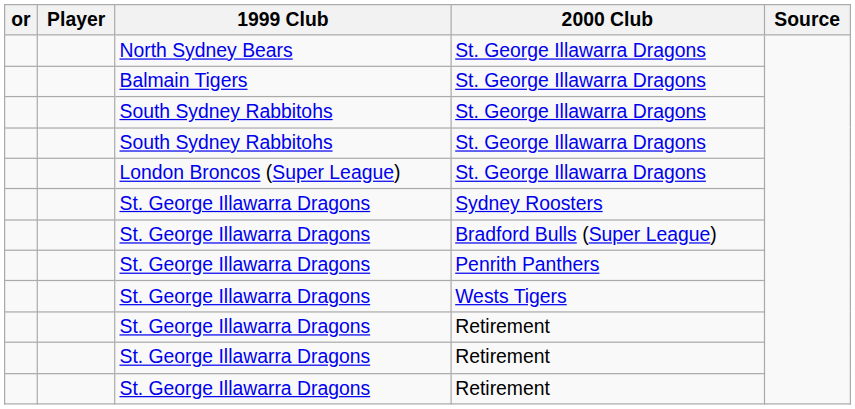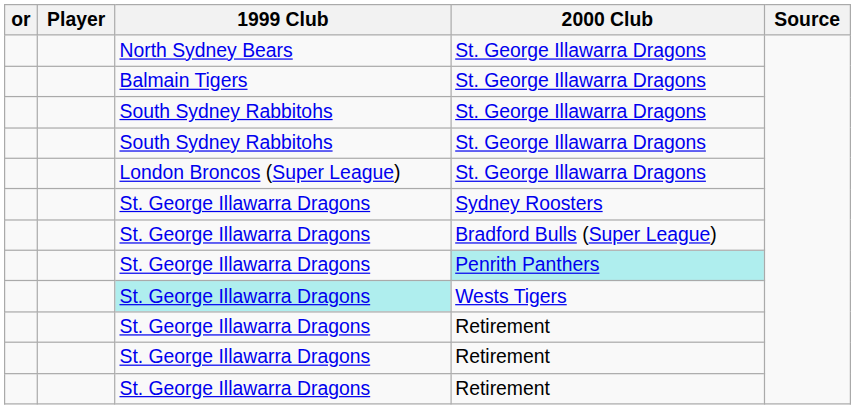 <table class="wikitable sortable" style="width:700px;">
 <tr>
 <th> or </th>
 <th>Player</th>
 <th>1999 Club</th>
 <th>2000 Club</th>
 <th>Source</th>
 </tr>
 <tr>
 <td></td>
 <td></td>
 <td> <a href='#'>North Sydney Bears</a></td>
 <td> <a href='#'>St. George Illawarra Dragons</a></td>
 <td rowspan="12"></td>
 </tr>
 <tr>
 <td></td>
 <td></td>
 <td> <a href='#'>Balmain Tigers</a></td>
 <td> <a href='#'>St. George Illawarra Dragons</a></td>
 </tr>
 <tr>
 <td></td>
 <td></td>
 <td> <a href='#'>South Sydney Rabbitohs</a></td>
 <td> <a href='#'>St. George Illawarra Dragons</a></td>
 </tr>
 <tr>
 <td></td>
 <td></td>
 <td> <a href='#'>South Sydney Rabbitohs</a></td>
 <td> <a href='#'>St. George Illawarra Dragons</a></td>
 </tr>
 <tr>
 <td></td>
 <td></td>
 <td> <a href='#'>London Broncos</a> (<a href='#'>Super League</a>)</td>
 <td> <a href='#'>St. George Illawarra Dragons</a></td>
 </tr>
 <tr>
 <td></td>
 <td></td>
 <td> <a href='#'>St. George Illawarra Dragons</a></td>
 <td> <a href='#'>Sydney Roosters</a></td>
 </tr>
 <tr>
 <td></td>
 <td></td>
 <td> <a href='#'>St. George Illawarra Dragons</a></td>
 <td> <a href='#'>Bradford Bulls</a> (<a href='#'>Super League</a>)</td>
 </tr>
 <tr>
 <td></td>
 <td></td>
 <td> <a href='#'>St. George Illawarra Dragons</a></td>
-<td> <a href='#'>Penrith Panthers</a></td>
+<td style="background: paleturquoise;"> <a href='#'>Penrith Panthers</a></td>
 </tr>
 <tr>
 <td></td>
 <td></td>
-<td> <a href='#'>St. George Illawarra Dragons</a></td>
+<td style="background: paleturquoise;"> <a href='#'>St. George Illawarra Dragons</a></td>
 <td> <a href='#'>Wests Tigers</a></td>
 </tr>
 <tr>
 <td></td>
 <td></td>
 <td> <a href='#'>St. George Illawarra Dragons</a></td>
 <td>Retirement</td>
 </tr>
 <tr>
 <td></td>
 <td></td>
 <td> <a href='#'>St. George Illawarra Dragons</a></td>
 <td>Retirement</td>
 </tr>
 <tr>
 <td></td>
 <td></td>
 <td> <a href='#'>St. George Illawarra Dragons</a></td>
 <td>Retirement</td>
 </tr>
 </table>
